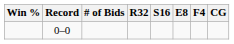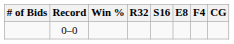 <table class="wikitable">
 <tr>
+<th># of Bids</th>
+<th>Record</th>
 <th>Win %</th>
-<th>Record</th>
-<th># of Bids</th>
 <th>R32</th>
 <th>S16</th>
 <th>E8</th>
 <th>F4</th>
 <th>CG</th>
 </tr>
 <tr align="center">
 <td></td>
 <td>0–0</td>
 <td></td>
 <td></td>
 <td></td>
 <td></td>
 <td></td>
 <td></td>
 </tr>
 </table>
